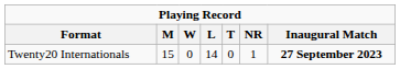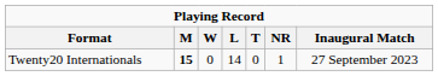 <table class="wikitable" style="text-align: center; width: 500px;">
 <tr>
 <td colspan=7 align="center"><strong>Playing Record</strong></td>
 </tr>
 <tr>
 <th>Format</th>
 <th>M</th>
 <th>W</th>
 <th>L</th>
 <th>T</th>
 <th>NR</th>
 <th>Inaugural Match</th>
 </tr>
 <tr>
 <td align="left">Twenty20 Internationals</td>
-<td>15</td>
+<td><strong>15</strong></td>
 <td>0</td>
 <td>14</td>
 <td>0</td>
 <td>1</td>
-<td><strong>27 September 2023</strong></td>
+<td>27 September 2023</td>
 </tr>
 </table>
